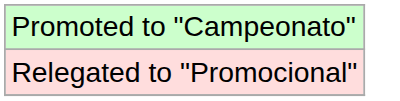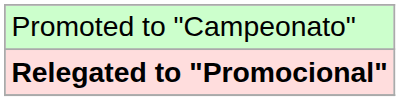 <table class="wikitable">
 <tr width=10px bgcolor="#ccffcc">
 <td>Promoted to "Campeonato"</td>
 </tr>
 <tr width=10px bgcolor="#ffdddd">
-<td>Relegated to "Promocional"</td>
+<td><strong>Relegated to "Promocional"</strong></td>
 </tr>
 <tr>
 </tr>
 </table>
